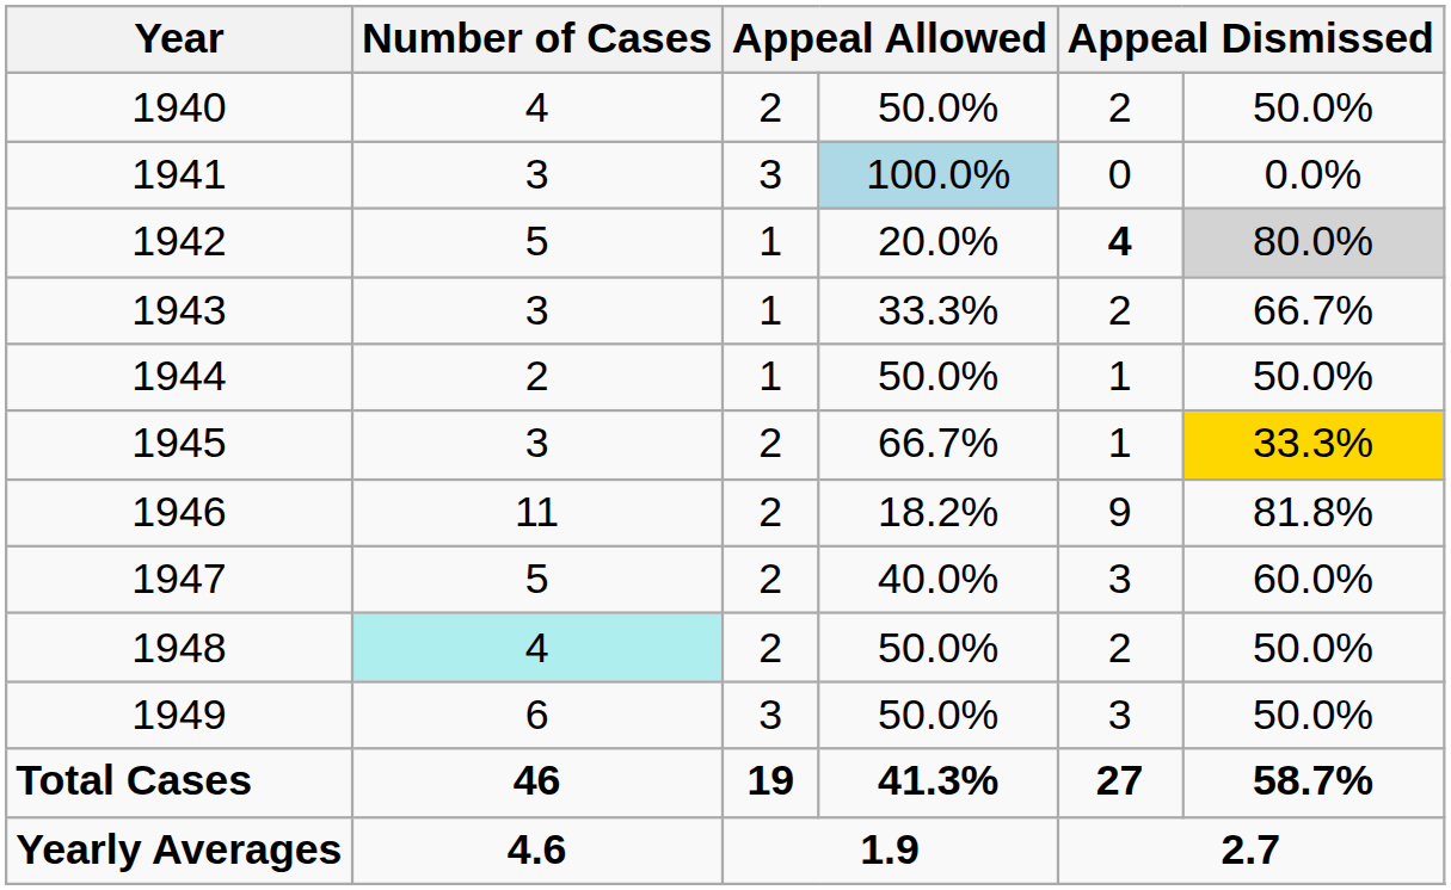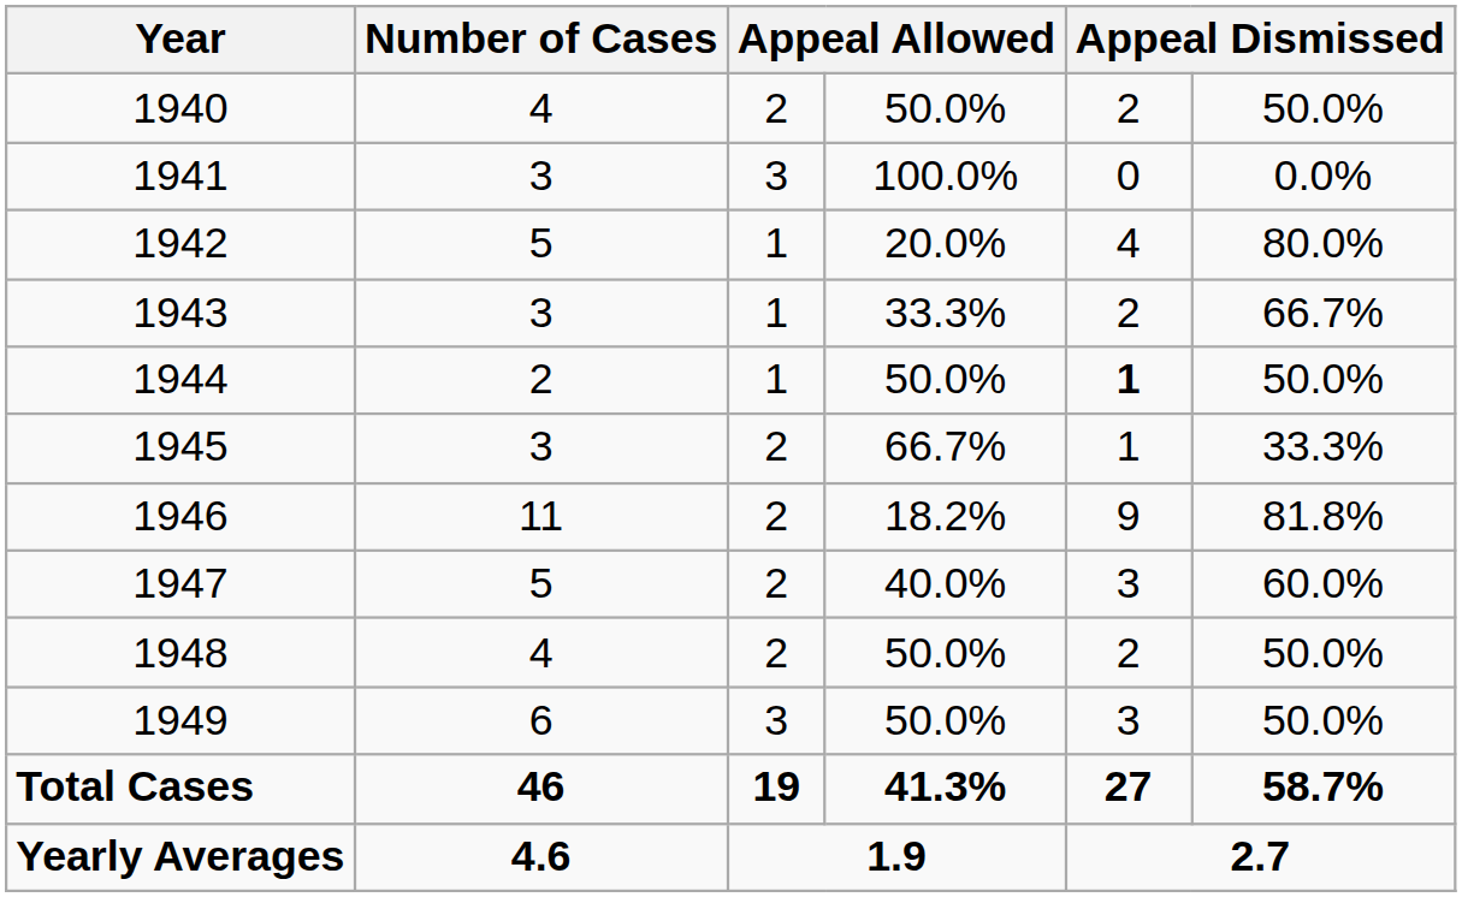 <table class="wikitable sortable">
 <tr>
 <th>Year</th>
 <th>Number of Cases</th>
 <th colspan=2>Appeal Allowed</th>
 <th colspan=2>Appeal Dismissed</th>
 </tr>
 <tr>
 <td style="text-align: center;">1940</td>
 <td style="text-align: center;">4</td>
 <td style="text-align: center;">2</td>
 <td style="text-align: center;">50.0%</td>
 <td style="text-align: center;">2</td>
 <td style="text-align: center;">50.0%</td>
 </tr>
 <tr>
 <td style="text-align: center;">1941</td>
 <td style="text-align: center;">3</td>
 <td style="text-align: center;">3</td>
-<td style="background: lightblue; text-align: center;">100.0%</td>
+<td style="text-align: center;">100.0%</td>
 <td style="text-align: center;">0</td>
 <td style="text-align: center;">0.0%</td>
 </tr>
 <tr>
 <td style="text-align: center;">1942</td>
 <td style="text-align: center;">5</td>
 <td style="text-align: center;">1</td>
 <td style="text-align: center;">20.0%</td>
-<td style="text-align: center;"><strong>4</strong></td>
-<td style="background: lightgrey; text-align: center;">80.0%</td>
+<td style="text-align: center;">4</td>
+<td style="text-align: center;">80.0%</td>
 </tr>
 <tr>
 <td style="text-align: center;">1943</td>
 <td style="text-align: center;">3</td>
 <td style="text-align: center;">1</td>
 <td style="text-align: center;">33.3%</td>
 <td style="text-align: center;">2</td>
 <td style="text-align: center;">66.7%</td>
 </tr>
 <tr>
 <td style="text-align: center;">1944</td>
 <td style="text-align: center;">2</td>
 <td style="text-align: center;">1</td>
 <td style="text-align: center;">50.0%</td>
-<td style="text-align: center;">1</td>
+<td style="text-align: center;"><strong>1</strong></td>
 <td style="text-align: center;">50.0%</td>
 </tr>
 <tr>
 <td style="text-align: center;">1945</td>
 <td style="text-align: center;">3</td>
 <td style="text-align: center;">2</td>
 <td style="text-align: center;">66.7%</td>
 <td style="text-align: center;">1</td>
-<td style="background: gold; text-align: center;">33.3%</td>
+<td style="text-align: center;">33.3%</td>
 </tr>
 <tr>
 <td style="text-align: center;">1946</td>
 <td style="text-align: center;">11</td>
 <td style="text-align: center;">2</td>
 <td style="text-align: center;">18.2%</td>
 <td style="text-align: center;">9</td>
 <td style="text-align: center;">81.8%</td>
 </tr>
 <tr>
 <td style="text-align: center;">1947</td>
 <td style="text-align: center;">5</td>
 <td style="text-align: center;">2</td>
 <td style="text-align: center;">40.0%</td>
 <td style="text-align: center;">3</td>
 <td style="text-align: center;">60.0%</td>
 </tr>
 <tr>
 <td style="text-align: center;">1948</td>
-<td style="background: paleturquoise; text-align: center;">4</td>
+<td style="text-align: center;">4</td>
 <td style="text-align: center;">2</td>
 <td style="text-align: center;">50.0%</td>
 <td style="text-align: center;">2</td>
 <td style="text-align: center;">50.0%</td>
 </tr>
 <tr>
 <td style="text-align: center;">1949</td>
 <td style="text-align: center;">6</td>
 <td style="text-align: center;">3</td>
 <td style="text-align: center;">50.0%</td>
 <td style="text-align: center;">3</td>
 <td style="text-align: center;">50.0%</td>
 </tr>
 <tr>
 <td><strong>Total Cases</strong></td>
 <td style="text-align: center;"><strong>46</strong></td>
 <td style="text-align: center;"><strong>19</strong></td>
 <td style="text-align: center;"><strong>41.3%</strong></td>
 <td style="text-align: center;"><strong>27</strong></td>
 <td style="text-align: center;"><strong>58.7%</strong></td>
 </tr>
 <tr>
 <td><strong>Yearly Averages</strong></td>
 <td style="text-align: center;"><strong>4.6</strong></td>
 <td colspan=2 style="text-align: center;"><strong>1.9</strong></td>
 <td colspan=2 style="text-align: center;"><strong>2.7</strong></td>
 </tr>
 <tr>
 </tr>
 </table>
